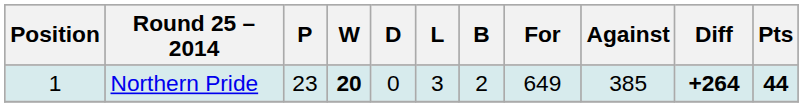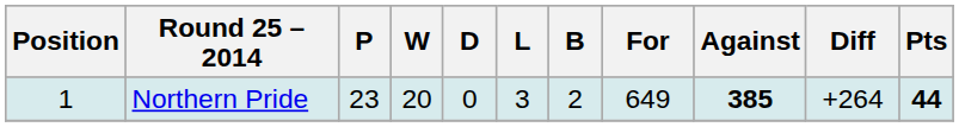 <table class="wikitable" style="text-align:center; font-size:85%;">
 <tr>
 <th width=40 abbr="Position">Position</th>
 <th width=100>Round 25 – 2014</th>
 <th width=20 abbr="Played">P</th>
 <th width=20 abbr="Won">W</th>
 <th width=20 abbr="Drawn">D</th>
 <th width=20 abbr="Lost">L</th>
 <th width=20 abbr="Bye">B</th>
 <th width=40 abbr="Points for">For</th>
 <th width=40 abbr="Points against">Against</th>
 <th width=40 abbr="Points difference">Diff</th>
 <th width=20 abbr="Points">Pts</th>
 </tr>
 <tr style="background: #d7ebed;">
 <td>1</td>
 <td style="text-align:left;"> <a href='#'>Northern Pride</a></td>
 <td>23</td>
-<td><strong>20</strong></td>
+<td>20</td>
 <td>0</td>
 <td>3</td>
 <td>2</td>
 <td>649</td>
-<td>385</td>
-<td><strong>+264</strong></td>
+<td><strong>385</strong></td>
+<td>+264</td>
 <td><strong>44</strong></td>
 </tr>
 <tr>
 </tr>
 </table>
